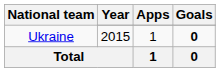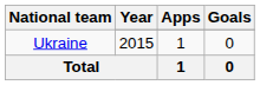 <table class="wikitable" style="text-align:center">
 <tr>
 <th>National team</th>
 <th>Year</th>
 <th>Apps</th>
 <th>Goals</th>
 </tr>
 <tr>
 <td rowspan=2><a href='#'>Ukraine</a></td>
 </tr>
 <tr>
 <td>2015</td>
 <td>1</td>
-<td><strong>0</strong></td>
+<td>0</td>
 </tr>
 <tr>
 <th colspan="2">Total</th>
 <th>1</th>
 <th>0</th>
 </tr>
 </table>
